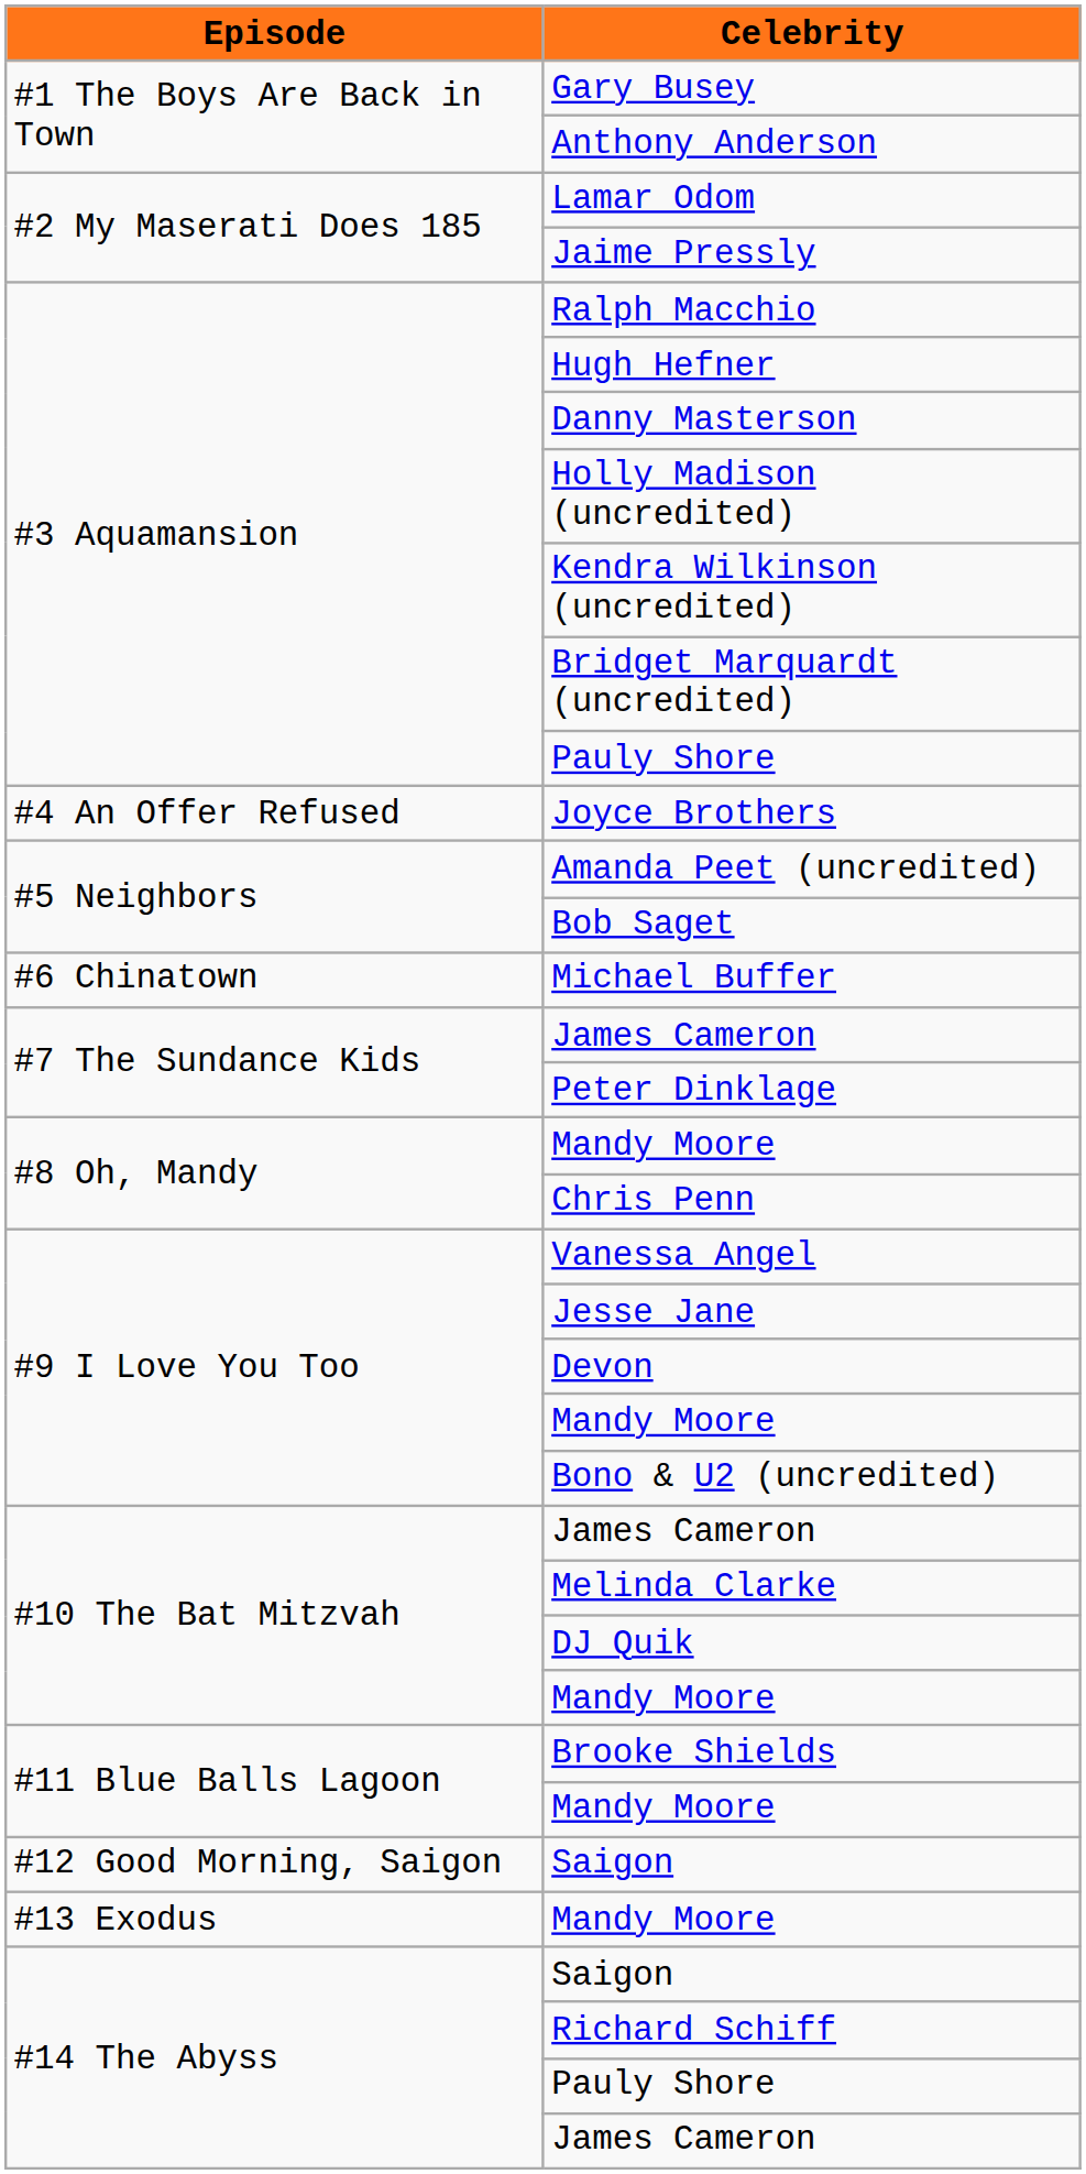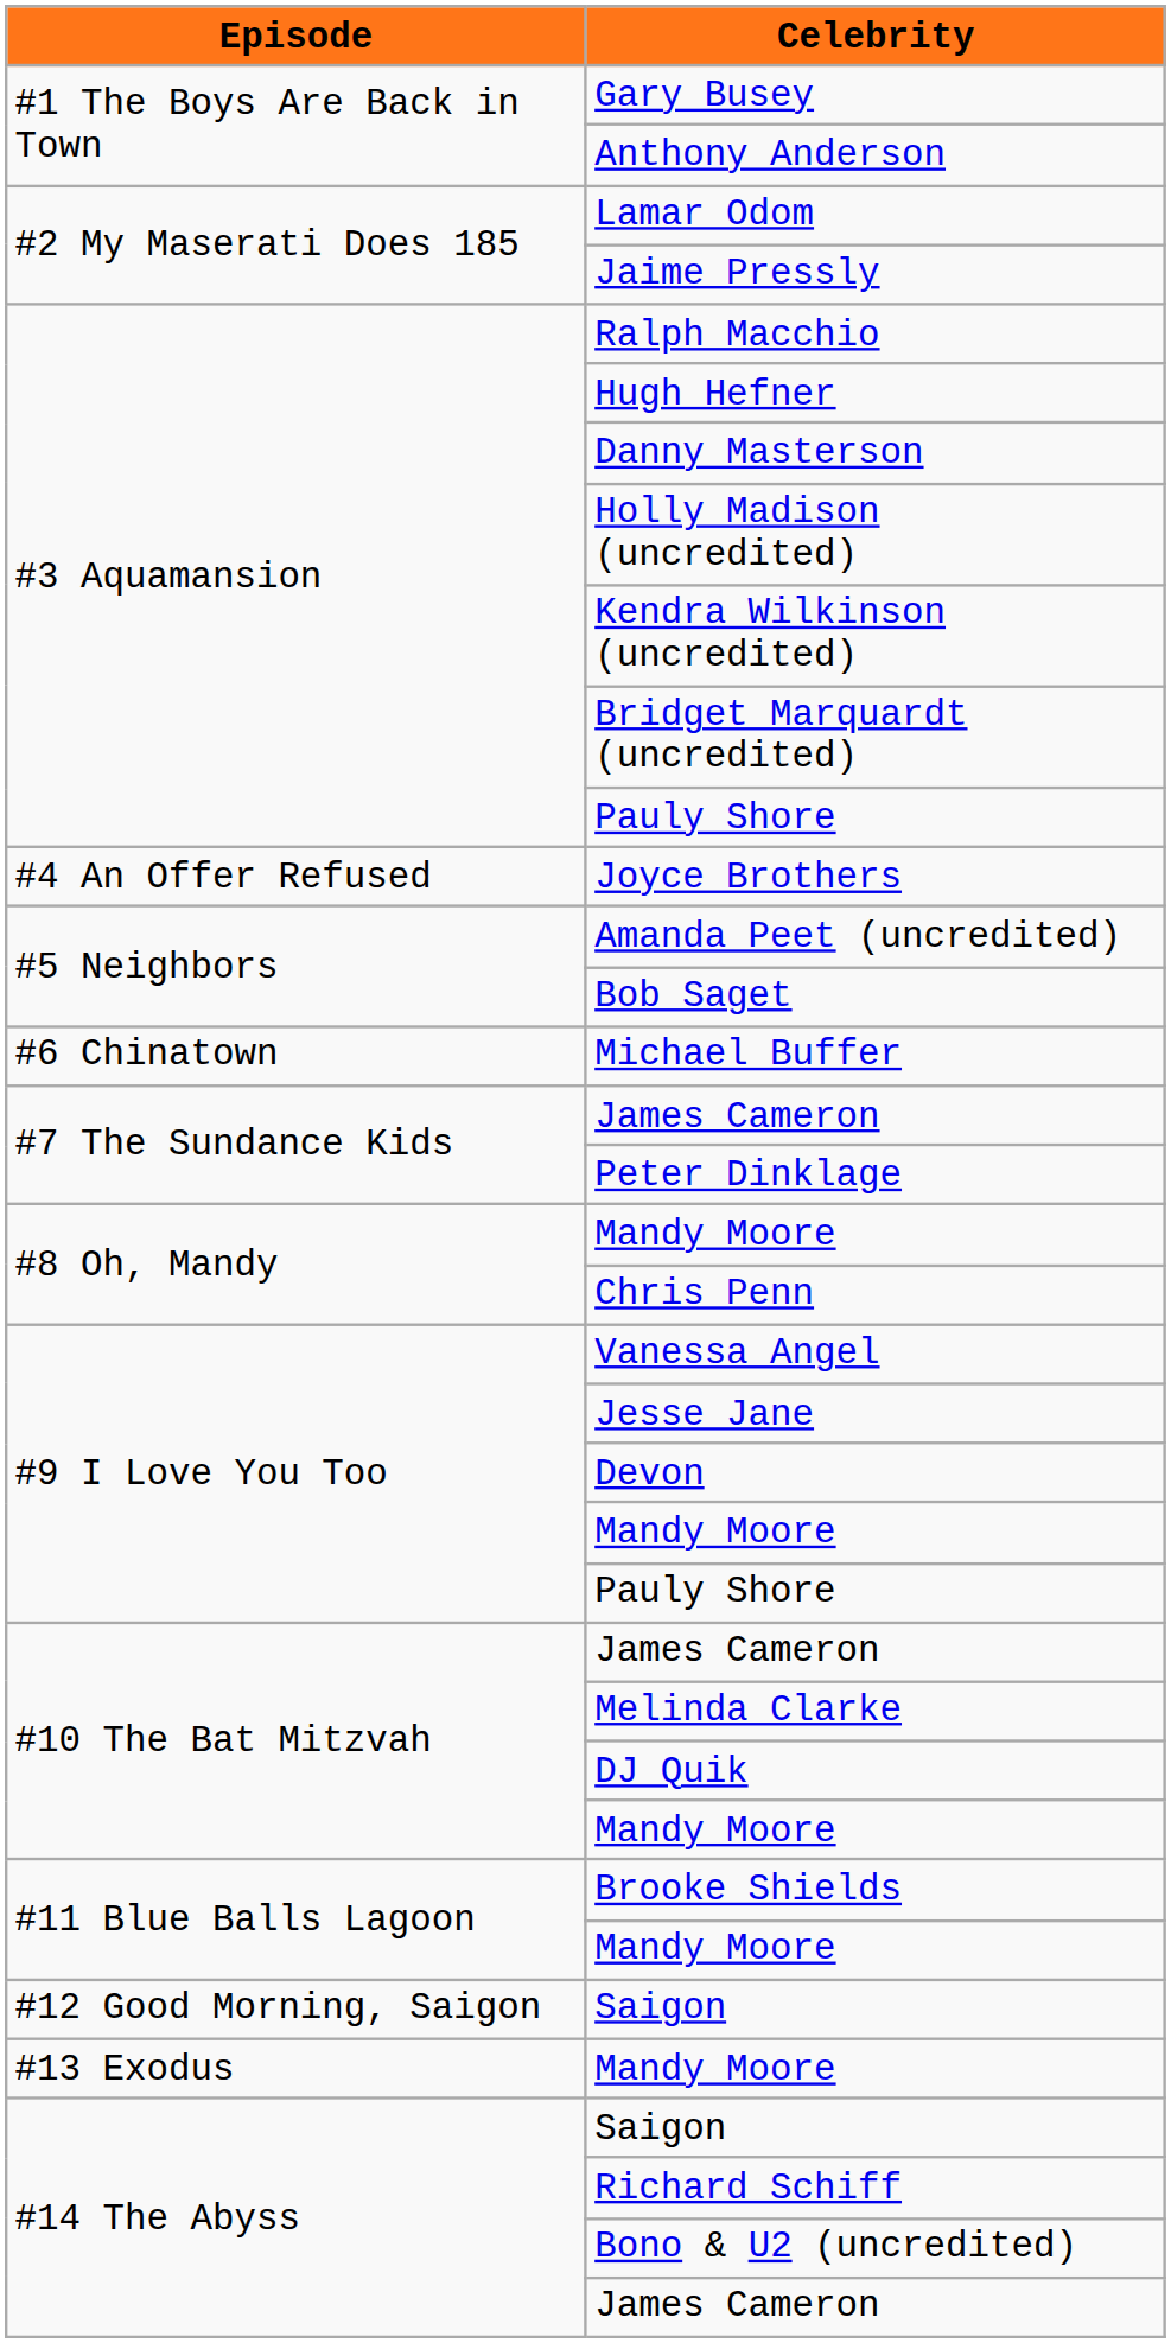 <table class="wikitable">
 <tr style="color:black">
 <th style="background:#ff7518; width:200px;">Episode</th>
 <th style="background:#ff7518; width:200px;">Celebrity</th>
 </tr>
 <tr>
 <td rowspan="2">#1 The Boys Are Back in Town</td>
 <td><a href='#'>Gary Busey</a></td>
 </tr>
 <tr>
 <td><a href='#'>Anthony Anderson</a></td>
 </tr>
 <tr>
 <td rowspan="2">#2 My Maserati Does 185</td>
 <td><a href='#'>Lamar Odom</a></td>
 </tr>
 <tr>
 <td><a href='#'>Jaime Pressly</a></td>
 </tr>
 <tr>
 <td rowspan="7">#3 Aquamansion</td>
 <td><a href='#'>Ralph Macchio</a></td>
 </tr>
 <tr>
 <td><a href='#'>Hugh Hefner</a></td>
 </tr>
 <tr>
 <td><a href='#'>Danny Masterson</a></td>
 </tr>
 <tr>
 <td><a href='#'>Holly Madison</a> (uncredited)</td>
 </tr>
 <tr>
 <td><a href='#'>Kendra Wilkinson</a> (uncredited)</td>
 </tr>
 <tr>
 <td><a href='#'>Bridget Marquardt</a> (uncredited)</td>
 </tr>
 <tr>
 <td><a href='#'>Pauly Shore</a></td>
 </tr>
 <tr>
 <td>#4 An Offer Refused</td>
 <td><a href='#'>Joyce Brothers</a></td>
 </tr>
 <tr>
 <td rowspan="2">#5 Neighbors</td>
 <td><a href='#'>Amanda Peet</a> (uncredited)</td>
 </tr>
 <tr>
 <td><a href='#'>Bob Saget</a></td>
 </tr>
 <tr>
 <td>#6 Chinatown</td>
 <td><a href='#'>Michael Buffer</a></td>
 </tr>
 <tr>
 <td rowspan="2">#7 The Sundance Kids</td>
 <td><a href='#'>James Cameron</a></td>
 </tr>
 <tr>
 <td><a href='#'>Peter Dinklage</a></td>
 </tr>
 <tr>
 <td rowspan="2">#8 Oh, Mandy</td>
 <td><a href='#'>Mandy Moore</a></td>
 </tr>
 <tr>
 <td><a href='#'>Chris Penn</a></td>
 </tr>
 <tr>
 <td rowspan="5">#9 I Love You Too</td>
 <td><a href='#'>Vanessa Angel</a></td>
 </tr>
 <tr>
 <td><a href='#'>Jesse Jane</a></td>
 </tr>
 <tr>
 <td><a href='#'>Devon</a></td>
 </tr>
 <tr>
 <td><a href='#'>Mandy Moore</a></td>
 </tr>
 <tr>
-<td><a href='#'>Bono</a> & <a href='#'>U2</a> (uncredited)</td>
+<td>Pauly Shore</td>
 </tr>
 <tr>
 <td rowspan="4">#10 The Bat Mitzvah</td>
 <td>James Cameron</td>
 </tr>
 <tr>
 <td><a href='#'>Melinda Clarke</a></td>
 </tr>
 <tr>
 <td><a href='#'>DJ Quik</a></td>
 </tr>
 <tr>
 <td><a href='#'>Mandy Moore</a></td>
 </tr>
 <tr>
 <td rowspan="2">#11 Blue Balls Lagoon</td>
 <td><a href='#'>Brooke Shields</a></td>
 </tr>
 <tr>
 <td><a href='#'>Mandy Moore</a></td>
 </tr>
 <tr>
 <td>#12 Good Morning, Saigon</td>
 <td><a href='#'>Saigon</a></td>
 </tr>
 <tr>
 <td>#13 Exodus</td>
 <td><a href='#'>Mandy Moore</a></td>
 </tr>
 <tr>
 <td rowspan="4">#14 The Abyss</td>
 <td>Saigon</td>
 </tr>
 <tr>
 <td><a href='#'>Richard Schiff</a></td>
 </tr>
 <tr>
-<td>Pauly Shore</td>
+<td><a href='#'>Bono</a> & <a href='#'>U2</a> (uncredited)</td>
 </tr>
 <tr>
 <td>James Cameron</td>
 </tr>
 </table>
